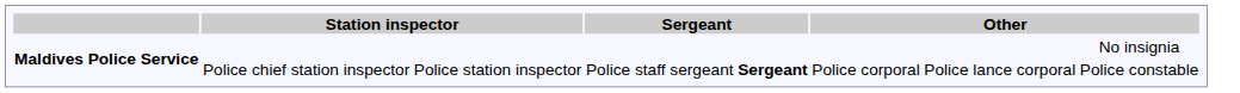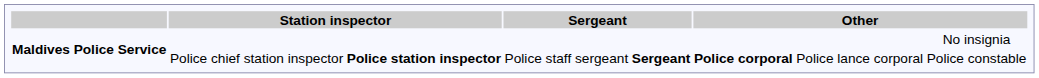 <table style="border:1px solid #8888aa; background-color:#f7f8ff; padding:5px; font-size:95%; margin: 0px 12px 12px 0px;">
 <tr style="background-color:#CCCCCC;">
 <th></th>
 <th colspan=2>Station inspector</th>
 <th colspan=2>Sergeant</th>
 <th colspan=3>Other</th>
 </tr>
 <tr style="text-align:center;">
 <td rowspan=2> <strong>Maldives Police Service</strong></td>
 <td></td>
 <td></td>
 <td></td>
 <td></td>
 <td></td>
 <td></td>
 <td>No insignia</td>
 </tr>
 <tr style="text-align:center;">
 <td>Police chief station inspector</td>
-<td>Police station inspector</td>
+<td><strong>Police station inspector</strong></td>
 <td>Police staff sergeant</td>
 <td><strong>Sergeant</strong></td>
-<td>Police corporal</td>
+<td><strong>Police corporal</strong></td>
 <td>Police lance corporal</td>
 <td>Police constable</td>
 </tr>
 </table>
